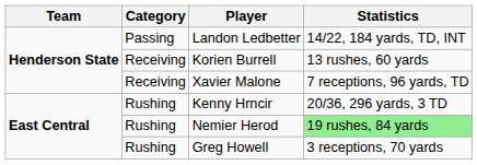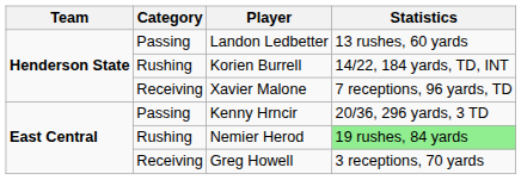 <table class="wikitable" style="float: right;">
 <tr>
 <th>Team</th>
 <th>Category</th>
 <th>Player</th>
 <th>Statistics</th>
 </tr>
 <tr>
 <td rowspan=3><strong>Henderson State</strong></td>
 <td>Passing</td>
 <td>Landon Ledbetter</td>
-<td>14/22, 184 yards, TD, INT</td>
+<td>13 rushes, 60 yards</td>
 </tr>
 <tr>
-<td>Receiving</td>
+<td>Rushing</td>
 <td>Korien Burrell</td>
-<td>13 rushes, 60 yards</td>
+<td>14/22, 184 yards, TD, INT</td>
 </tr>
 <tr>
 <td>Receiving</td>
 <td>Xavier Malone</td>
 <td>7 receptions, 96 yards, TD</td>
 </tr>
 <tr>
 <td rowspan=3><strong>East Central</strong></td>
-<td>Rushing</td>
+<td>Passing</td>
 <td>Kenny Hrncir</td>
 <td>20/36, 296 yards, 3 TD</td>
 </tr>
 <tr>
 <td>Rushing</td>
 <td>Nemier Herod</td>
 <td style="background: lightgreen;">19 rushes, 84 yards</td>
 </tr>
 <tr>
-<td>Rushing</td>
+<td>Receiving</td>
 <td>Greg Howell</td>
 <td>3 receptions, 70 yards</td>
 </tr>
 </table>
